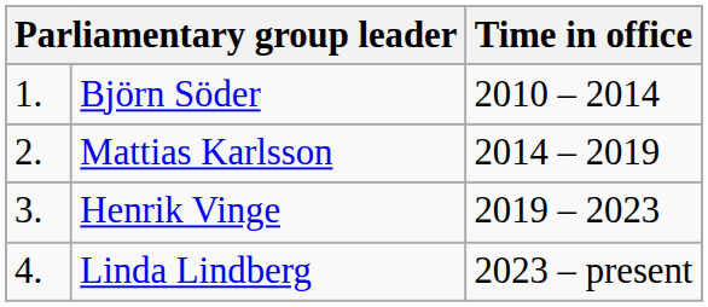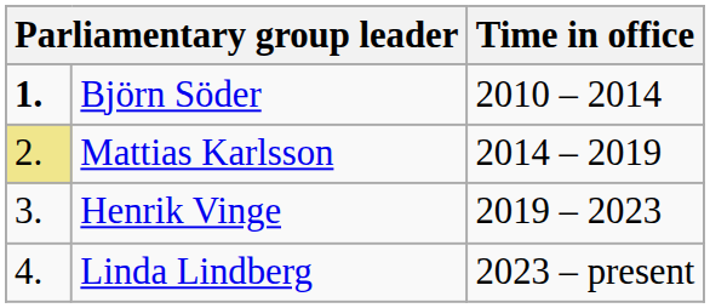 <table class="wikitable">
 <tr>
 <th colspan="2">Parliamentary group leader</th>
 <th>Time in office</th>
 </tr>
 <tr>
-<td>1.</td>
+<td><strong>1.</strong></td>
 <td><a href='#'>Björn Söder</a></td>
 <td>2010 – 2014</td>
 </tr>
 <tr>
-<td>2.</td>
+<td style="background: khaki;">2.</td>
 <td><a href='#'>Mattias Karlsson</a></td>
 <td>2014 – 2019</td>
 </tr>
 <tr>
 <td>3.</td>
 <td><a href='#'>Henrik Vinge</a></td>
 <td>2019 – 2023</td>
 </tr>
 <tr>
 <td>4.</td>
 <td><a href='#'>Linda Lindberg</a></td>
 <td>2023 – present</td>
 </tr>
 </table>
